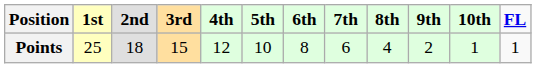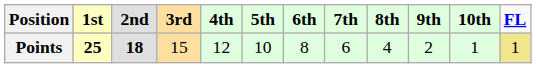 <table class="wikitable" style="font-size:85%; text-align:center">
 <tr>
 <th>Position</th>
 <td style="background:#ffffbf"> <strong>1st</strong> </td>
 <td style="background:#dfdfdf"> <strong>2nd</strong> </td>
 <td style="background:#ffdf9f"> <strong>3rd</strong> </td>
 <td style="background:#dfffdf"> <strong>4th</strong> </td>
 <td style="background:#dfffdf"> <strong>5th</strong> </td>
 <td style="background:#dfffdf"> <strong>6th</strong> </td>
 <td style="background:#dfffdf"> <strong>7th</strong> </td>
 <td style="background:#dfffdf"> <strong>8th</strong> </td>
 <td style="background:#dfffdf"> <strong>9th</strong> </td>
 <td style="background:#dfffdf"> <strong>10th</strong> </td>
 <td><a href='#'><strong>FL</strong></a></td>
 </tr>
 <tr>
 <th>Points</th>
-<td style="background:#ffffbf">25</td>
-<td style="background:#dfdfdf">18</td>
+<td style="background:#ffffbf"><strong>25</strong></td>
+<td style="background:#dfdfdf"><strong>18</strong></td>
 <td style="background:#ffdf9f">15</td>
 <td style="background:#dfffdf">12</td>
 <td style="background:#dfffdf">10</td>
 <td style="background:#dfffdf">8</td>
 <td style="background:#dfffdf">6</td>
 <td style="background:#dfffdf">4</td>
 <td style="background:#dfffdf">2</td>
 <td style="background:#dfffdf">1</td>
-<td>1</td>
+<td style="background: khaki;">1</td>
 </tr>
 </table>
